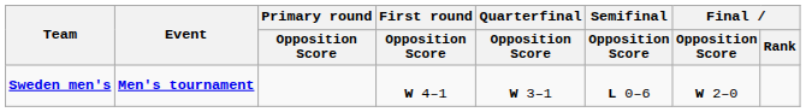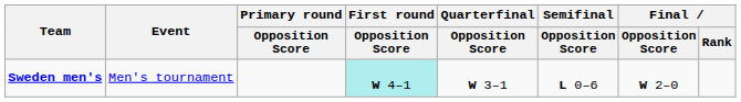 <table class="wikitable" style="font-size:90%">
 <tr>
 <th rowspan=2>Team</th>
 <th rowspan=2>Event</th>
 <th>Primary round</th>
 <th>First round</th>
 <th>Quarterfinal</th>
 <th>Semifinal</th>
 <th colspan=2>Final / </th>
 </tr>
 <tr style="font-size:95%">
 <th>Opposition<br>Score</th>
 <th>Opposition<br>Score</th>
 <th>Opposition<br>Score</th>
 <th>Opposition<br>Score</th>
 <th>Opposition<br>Score</th>
 <th>Rank</th>
 </tr>
 <tr align=center>
 <td align=left><strong><a href='#'>Sweden men's</a></strong></td>
-<td align=left><strong><a href='#'>Men's tournament</a></strong></td>
+<td align=left><a href='#'>Men's tournament</a></td>
 <td></td>
-<td><br><strong>W</strong> 4–1</td>
+<td style="background: paleturquoise;"><br><strong>W</strong> 4–1</td>
 <td><br><strong>W</strong> 3–1</td>
 <td><br><strong>L</strong> 0–6</td>
 <td><br><strong>W</strong> 2–0</td>
 <td></td>
 </tr>
 </table>
